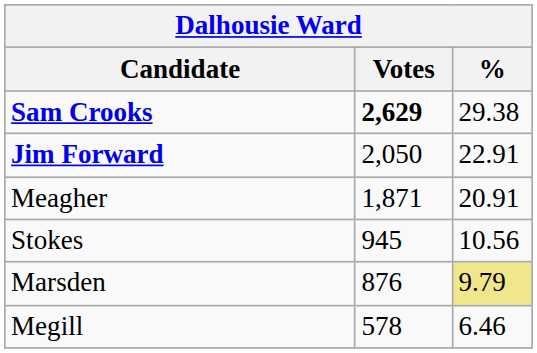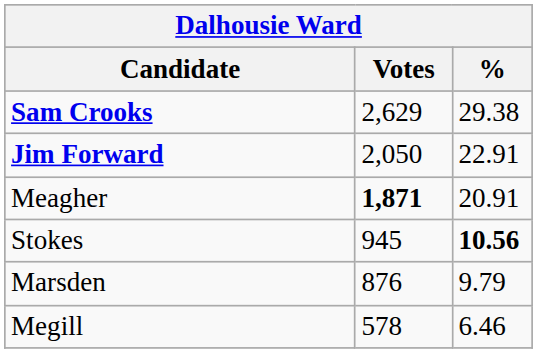 <table class="wikitable">
 <tr>
 <th colspan="3"><a href='#'>Dalhousie Ward</a></th>
 </tr>
 <tr>
 <th style="width: 200px">Candidate</th>
 <th style="width: 50px">Votes</th>
 <th style="width: 40px">%</th>
 </tr>
 <tr>
 <td><strong><a href='#'>Sam Crooks</a></strong></td>
-<td><strong>2,629</strong></td>
+<td>2,629</td>
 <td>29.38</td>
 </tr>
 <tr>
 <td><strong><a href='#'>Jim Forward</a></strong></td>
 <td>2,050</td>
 <td>22.91</td>
 </tr>
 <tr>
 <td>Meagher</td>
-<td>1,871</td>
+<td><strong>1,871</strong></td>
 <td>20.91</td>
 </tr>
 <tr>
 <td>Stokes</td>
 <td>945</td>
-<td>10.56</td>
+<td><strong>10.56</strong></td>
 </tr>
 <tr>
 <td>Marsden</td>
 <td>876</td>
-<td style="background: khaki;">9.79</td>
+<td>9.79</td>
 </tr>
 <tr>
 <td>Megill</td>
 <td>578</td>
 <td>6.46</td>
 </tr>
 </table>
